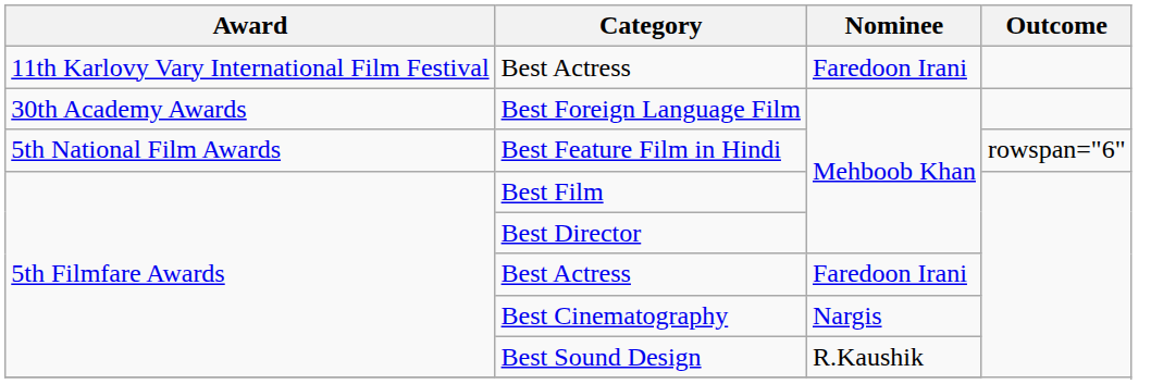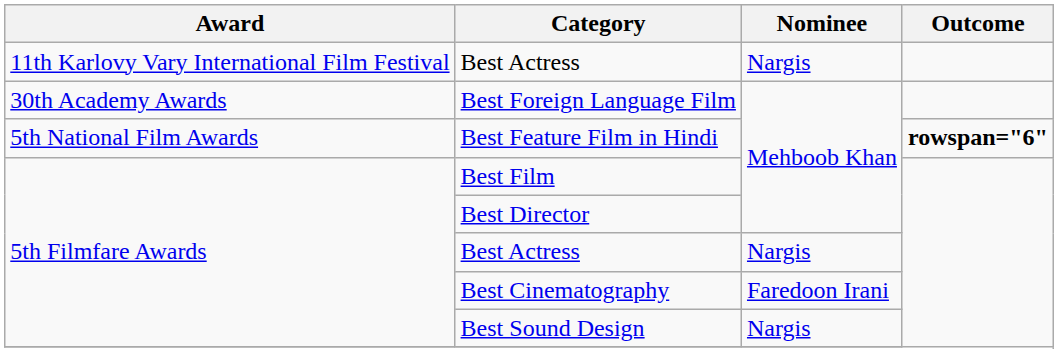 <table class="wikitable">
 <tr>
 <th>Award</th>
 <th>Category</th>
 <th>Nominee</th>
 <th>Outcome</th>
 </tr>
 <tr>
 <td><a href='#'>11th Karlovy Vary International Film Festival</a></td>
 <td>Best Actress</td>
-<td><a href='#'>Faredoon Irani</a></td>
+<td><a href='#'>Nargis</a></td>
 <td></td>
 </tr>
 <tr>
 <td><a href='#'>30th Academy Awards</a></td>
 <td><a href='#'>Best Foreign Language Film</a></td>
 <td rowspan="4"><a href='#'>Mehboob Khan</a></td>
 <td></td>
 </tr>
 <tr>
 <td><a href='#'>5th National Film Awards</a></td>
 <td><a href='#'>Best Feature Film in Hindi</a></td>
-<td>rowspan="6"</td>
+<td><strong>rowspan="6"</strong></td>
 </tr>
 <tr>
 <td rowspan="5"><a href='#'>5th Filmfare Awards</a></td>
 <td><a href='#'>Best Film</a></td>
 </tr>
 <tr>
 <td><a href='#'>Best Director</a></td>
 </tr>
 <tr>
 <td><a href='#'>Best Actress</a></td>
+<td><a href='#'>Nargis</a></td>
+</tr>
+<tr>
+<td><a href='#'>Best Cinematography</a></td>
 <td><a href='#'>Faredoon Irani</a></td>
 </tr>
 <tr>
-<td><a href='#'>Best Cinematography</a></td>
+<td><a href='#'>Best Sound Design</a></td>
 <td><a href='#'>Nargis</a></td>
-</tr>
-<tr>
-<td><a href='#'>Best Sound Design</a></td>
-<td>R.Kaushik</td>
 </tr>
 <tr>
 </tr>
 </table>
